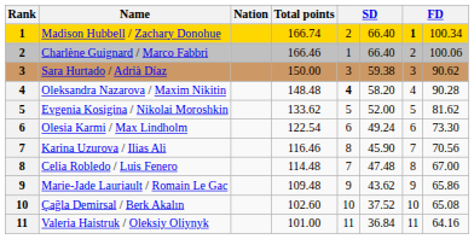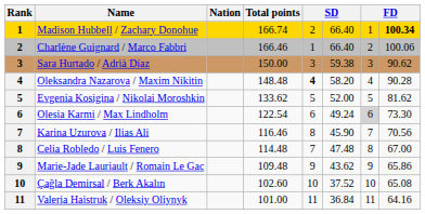 <table class="wikitable sortable">
 <tr>
 <th>Rank</th>
 <th>Name</th>
 <th>Nation</th>
 <th>Total points</th>
 <th colspan="2" width="80px"><a href='#'>SD</a></th>
 <th colspan="2" width="80px"><a href='#'>FD</a></th>
 </tr>
 <tr bgcolor=gold>
 <td align=center><strong>1</strong></td>
 <td><a href='#'>Madison Hubbell</a> / <a href='#'>Zachary Donohue</a></td>
 <td></td>
 <td align=center>166.74</td>
 <td align=center>2</td>
 <td align=center>66.40</td>
-<td align=center><strong>1</strong></td>
-<td align=center>100.34</td>
+<td align=center>1</td>
+<td align=center><strong>100.34</strong></td>
 </tr>
 <tr bgcolor=silver>
 <td align=center><strong>2</strong></td>
 <td><a href='#'>Charlène Guignard</a> / <a href='#'>Marco Fabbri</a></td>
 <td></td>
 <td align=center>166.46</td>
 <td align=center>1</td>
 <td align=center>66.40</td>
 <td align=center>2</td>
 <td align=center>100.06</td>
 </tr>
 <tr bgcolor=cc9966>
 <td align=center><strong>3</strong></td>
 <td><a href='#'>Sara Hurtado</a> / <a href='#'>Adrià Díaz</a></td>
 <td></td>
 <td align=center>150.00</td>
 <td align=center>3</td>
 <td align=center>59.38</td>
 <td align=center>3</td>
 <td align=center>90.62</td>
 </tr>
 <tr>
 <th>4</th>
 <td><a href='#'>Oleksandra Nazarova</a> / <a href='#'>Maxim Nikitin</a></td>
 <td></td>
 <td align=center>148.48</td>
 <td align=center><strong>4</strong></td>
 <td align=center>58.20</td>
 <td align=center>4</td>
 <td align=center>90.28</td>
 </tr>
 <tr>
 <th>5</th>
 <td><a href='#'>Evgenia Kosigina</a> / <a href='#'>Nikolai Moroshkin</a></td>
 <td></td>
 <td align=center>133.62</td>
 <td align=center>5</td>
 <td align=center>52.00</td>
 <td align=center>5</td>
 <td align=center>81.62</td>
 </tr>
 <tr>
 <th>6</th>
 <td><a href='#'>Olesia Karmi</a> / <a href='#'>Max Lindholm</a></td>
 <td></td>
 <td align=center>122.54</td>
 <td align=center>6</td>
 <td align=center>49.24</td>
-<td align=center>6</td>
+<td align=center style="background: lightgrey;">6</td>
 <td align=center>73.30</td>
 </tr>
 <tr>
 <th>7</th>
 <td><a href='#'>Karina Uzurova</a> / <a href='#'>Ilias Ali</a></td>
 <td></td>
 <td align=center>116.46</td>
 <td align=center>8</td>
 <td align=center>45.90</td>
 <td align=center>7</td>
 <td align=center>70.56</td>
 </tr>
 <tr>
 <th>8</th>
 <td><a href='#'>Celia Robledo</a> / <a href='#'>Luis Fenero</a></td>
 <td></td>
 <td align=center>114.48</td>
 <td align=center>7</td>
 <td align=center>47.48</td>
 <td align=center>8</td>
 <td align=center>67.00</td>
 </tr>
 <tr>
 <th>9</th>
 <td><a href='#'>Marie-Jade Lauriault</a> / <a href='#'>Romain Le Gac</a></td>
 <td></td>
 <td align=center>109.48</td>
 <td align=center>9</td>
 <td align=center>43.62</td>
 <td align=center>9</td>
 <td align=center>65.86</td>
 </tr>
 <tr>
 <th>10</th>
 <td><a href='#'>Çağla Demirsal</a> / <a href='#'>Berk Akalın</a></td>
 <td></td>
 <td align=center>102.60</td>
 <td align=center>10</td>
 <td align=center>37.52</td>
 <td align=center>10</td>
 <td align=center>65.08</td>
 </tr>
 <tr>
 <th>11</th>
 <td><a href='#'>Valeria Haistruk</a> / <a href='#'>Oleksiy Oliynyk</a></td>
 <td></td>
 <td align=center>101.00</td>
 <td align=center>11</td>
 <td align=center>36.84</td>
 <td align=center>11</td>
 <td align=center>64.16</td>
 </tr>
 </table>
